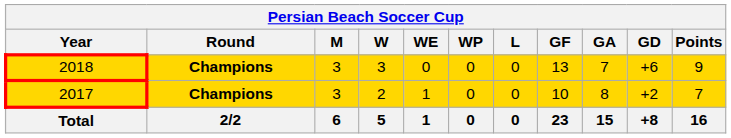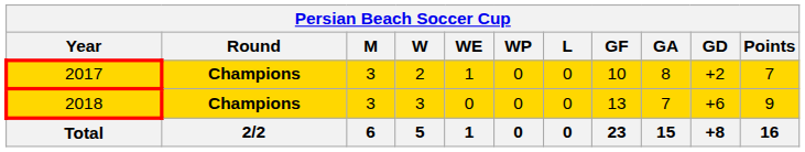 <table class="wikitable" style="text-align: center;font-size:90%;">
 <tr>
 <th colspan=11><a href='#'>Persian Beach Soccer Cup</a></th>
 </tr>
 <tr>
 <th width=125>Year</th>
 <th width=150>Round</th>
 <th width=35>M</th>
 <th width=35>W</th>
 <th width=35>WE</th>
 <th width=35>WP</th>
 <th width=35>L</th>
 <th width=35>GF</th>
 <th width=35>GA</th>
 <th width=35>GD</th>
 <th width=35>Points</th>
 </tr>
 <tr bgcolor=gold>
+<td style="border: 3px solid red"> 2017</td>
+<td><strong>Champions</strong></td>
+<td>3</td>
+<td>2</td>
+<td>1</td>
+<td>0</td>
+<td>0</td>
+<td>10</td>
+<td>8</td>
+<td>+2</td>
+<td>7</td>
+</tr>
+<tr bgcolor=gold>
 <td style="border: 3px solid red"> 2018</td>
 <td><strong>Champions</strong></td>
 <td>3</td>
 <td>3</td>
 <td>0</td>
 <td>0</td>
 <td>0</td>
 <td>13</td>
 <td>7</td>
 <td>+6</td>
 <td>9</td>
-</tr>
-<tr bgcolor=gold>
-<td style="border: 3px solid red"> 2017</td>
-<td><strong>Champions</strong></td>
-<td>3</td>
-<td>2</td>
-<td>1</td>
-<td>0</td>
-<td>0</td>
-<td>10</td>
-<td>8</td>
-<td>+2</td>
-<td>7</td>
 </tr>
 <tr>
 <th>Total</th>
 <th>2/2</th>
 <th>6</th>
 <th>5</th>
 <th>1</th>
 <th>0</th>
 <th>0</th>
 <th>23</th>
 <th>15</th>
 <th>+8</th>
 <th>16</th>
 </tr>
 </table>
